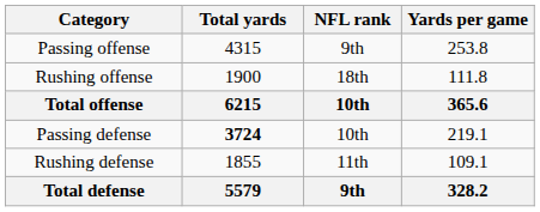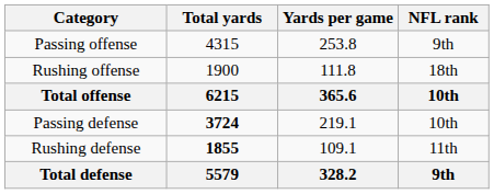 <table class="wikitable" style="text-align:center">
 <tr>
 <th width="150">Category</th>
 <th width="100">Total yards</th>
+<th width="110">Yards per game</th>
 <th width="80">NFL rank<br></th>
-<th width="110">Yards per game</th>
 </tr>
 <tr>
 <td>Passing offense</td>
 <td>4315</td>
+<td>253.8</td>
 <td>9th</td>
-<td>253.8</td>
 </tr>
 <tr>
 <td>Rushing offense</td>
 <td>1900</td>
+<td>111.8</td>
 <td>18th</td>
-<td>111.8</td>
 </tr>
 <tr>
 <th>Total offense</th>
 <th>6215</th>
+<th>365.6</th>
 <th>10th</th>
-<th>365.6</th>
 </tr>
 <tr>
 <td>Passing defense</td>
 <td><strong>3724</strong></td>
+<td>219.1</td>
 <td>10th</td>
-<td>219.1</td>
 </tr>
 <tr>
 <td>Rushing defense</td>
-<td>1855</td>
+<td><strong>1855</strong></td>
+<td>109.1</td>
 <td>11th</td>
-<td>109.1</td>
 </tr>
 <tr>
 <th>Total defense</th>
 <th>5579</th>
+<th>328.2</th>
 <th>9th</th>
-<th>328.2</th>
 </tr>
 </table>
